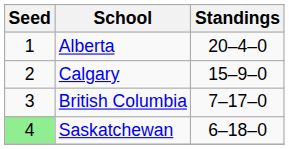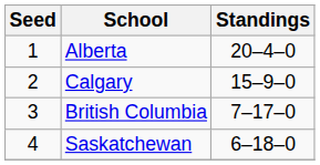 <table class="wikitable">
 <tr>
 <th>Seed</th>
 <th>School</th>
 <th>Standings</th>
 </tr>
 <tr>
 <td align=center>1</td>
 <td><a href='#'>Alberta</a></td>
 <td align=center>20–4–0</td>
 </tr>
 <tr>
 <td align=center>2</td>
 <td><a href='#'>Calgary</a></td>
 <td align=center>15–9–0</td>
 </tr>
 <tr>
 <td align=center>3</td>
 <td><a href='#'>British Columbia</a></td>
 <td align=center>7–17–0</td>
 </tr>
 <tr>
-<td align=center style="background: lightgreen;">4</td>
+<td align=center>4</td>
 <td><a href='#'>Saskatchewan</a></td>
 <td align=center>6–18–0</td>
 </tr>
 <tr>
 </tr>
 </table>
